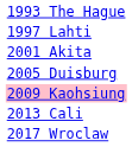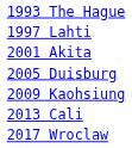 <table>
 <tr>
 <td><a href='#'>1993 The Hague</a></td>
 <td></td>
 <td></td>
 <td></td>
 </tr>
 <tr>
 <td><a href='#'>1997 Lahti</a></td>
 <td></td>
 <td></td>
 <td></td>
 </tr>
 <tr>
 <td><a href='#'>2001 Akita</a></td>
 <td></td>
 <td></td>
 <td></td>
 </tr>
 <tr>
 <td><a href='#'>2005 Duisburg</a></td>
 <td></td>
 <td></td>
 <td></td>
 </tr>
 <tr>
-<td style="background: pink;"><a href='#'>2009 Kaohsiung</a></td>
+<td><a href='#'>2009 Kaohsiung</a></td>
 <td></td>
 <td></td>
 <td></td>
 </tr>
 <tr>
 <td><a href='#'>2013 Cali</a></td>
 <td></td>
 <td></td>
 <td></td>
 </tr>
 <tr>
 <td><a href='#'>2017 Wroclaw</a></td>
 <td></td>
 <td></td>
 <td></td>
 </tr>
 </table>
